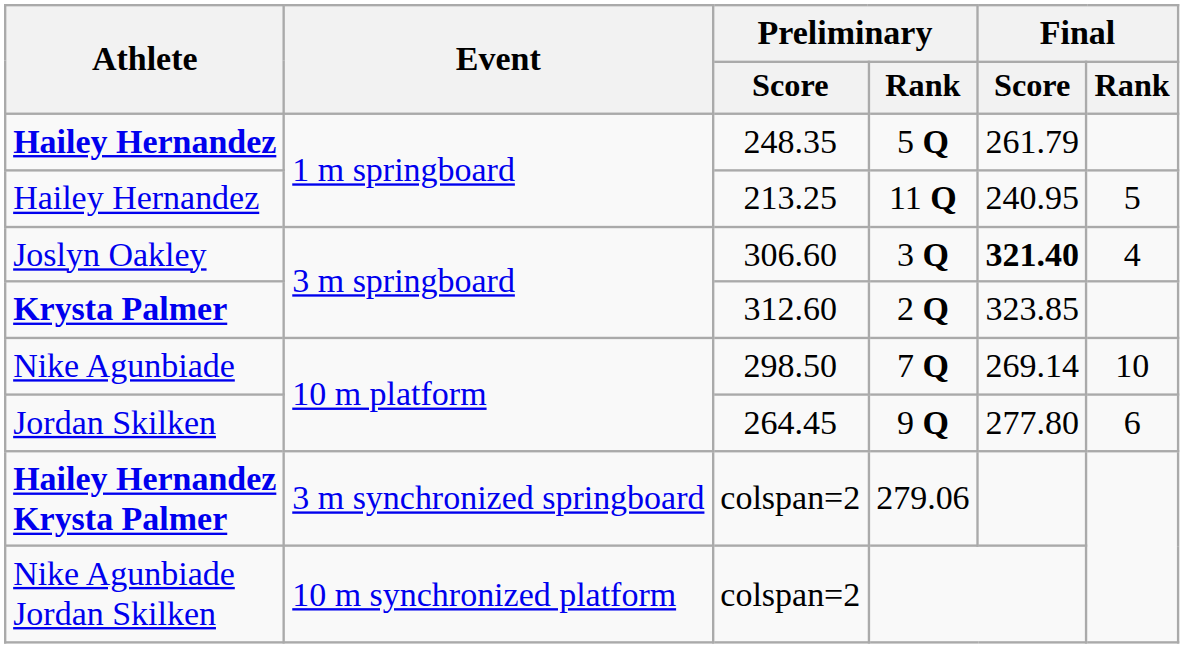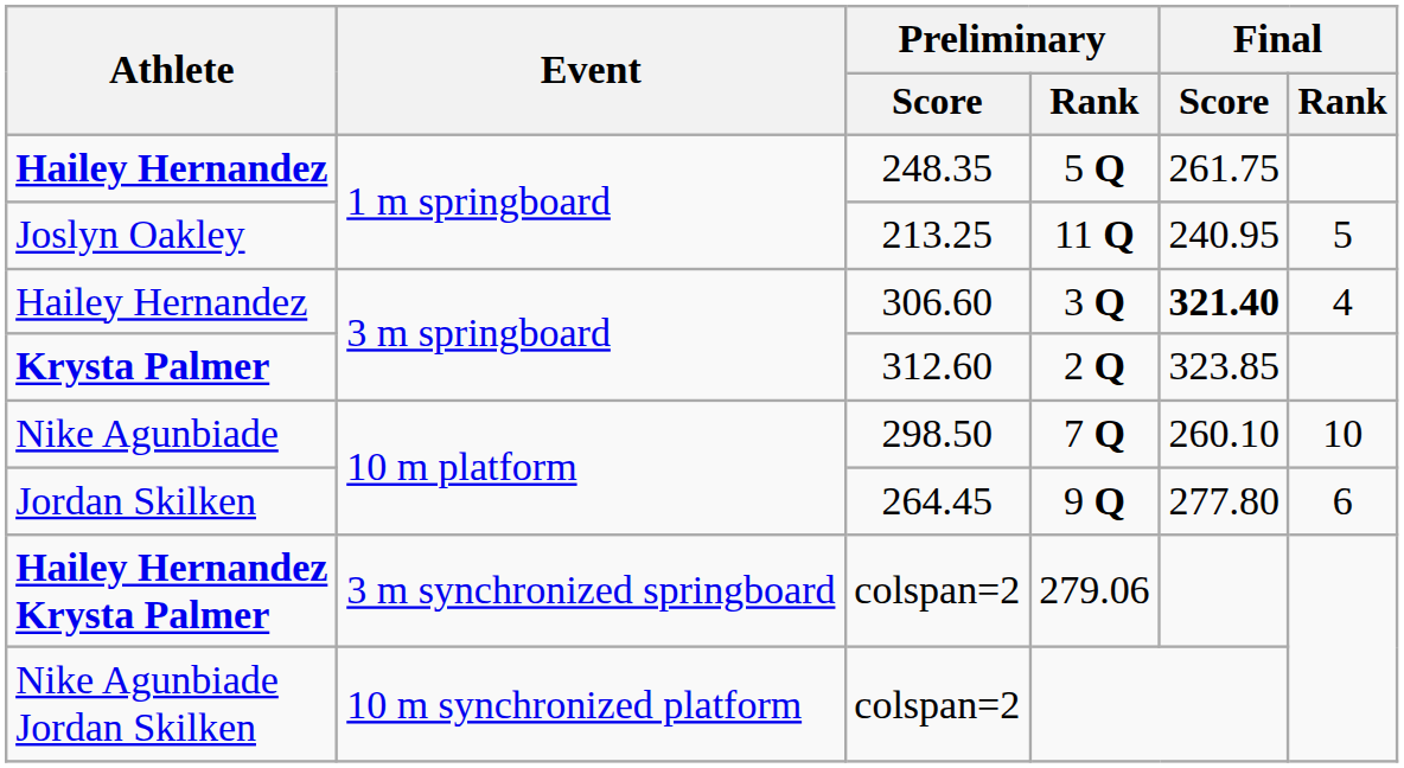 <table class=wikitable style=font-size:90%;text-align:center>
 <tr>
 <th rowspan=2>Athlete</th>
 <th rowspan=2>Event</th>
 <th colspan=2>Preliminary</th>
 <th colspan=2>Final</th>
 </tr>
 <tr style=font-size:95%>
 <th>Score</th>
 <th>Rank</th>
 <th>Score</th>
 <th>Rank</th>
 </tr>
 <tr>
 <td align=left><strong><a href='#'>Hailey Hernandez</a></strong></td>
 <td align=left rowspan=2><a href='#'>1 m springboard</a></td>
 <td>248.35</td>
 <td>5 <strong>Q</strong></td>
-<td>261.79</td>
+<td>261.75</td>
 <td></td>
 </tr>
 <tr>
-<td align=left><a href='#'>Hailey Hernandez</a></td>
+<td align=left><a href='#'>Joslyn Oakley</a></td>
 <td>213.25</td>
 <td>11 <strong>Q</strong></td>
 <td>240.95</td>
 <td>5</td>
 </tr>
 <tr>
-<td align=left><a href='#'>Joslyn Oakley</a></td>
+<td align=left><a href='#'>Hailey Hernandez</a></td>
 <td align=left rowspan=2><a href='#'>3 m springboard</a></td>
 <td>306.60</td>
 <td>3 <strong>Q</strong></td>
 <td><strong>321.40</strong></td>
 <td>4</td>
 </tr>
 <tr>
 <td align=left><strong><a href='#'>Krysta Palmer</a></strong></td>
 <td>312.60</td>
 <td>2 <strong>Q</strong></td>
 <td>323.85</td>
 <td></td>
 </tr>
 <tr>
 <td align=left><a href='#'>Nike Agunbiade</a></td>
 <td align=left rowspan=2><a href='#'>10 m platform</a></td>
 <td>298.50</td>
 <td>7 <strong>Q</strong></td>
-<td>269.14</td>
+<td>260.10</td>
 <td>10</td>
 </tr>
 <tr>
 <td align=left><a href='#'>Jordan Skilken</a></td>
 <td>264.45</td>
 <td>9 <strong>Q</strong></td>
 <td>277.80</td>
 <td>6</td>
 </tr>
 <tr>
 <td align=left><strong><a href='#'>Hailey Hernandez</a><br><a href='#'>Krysta Palmer</a></strong></td>
 <td align=left><a href='#'>3 m synchronized springboard</a></td>
 <td>colspan=2 </td>
 <td>279.06</td>
 <td></td>
 </tr>
 <tr>
 <td align=left><a href='#'>Nike Agunbiade</a><br><a href='#'>Jordan Skilken</a></td>
 <td align=left><a href='#'>10 m synchronized platform</a></td>
 <td>colspan=2 </td>
 <td colspan=2></td>
 </tr>
 </table>
